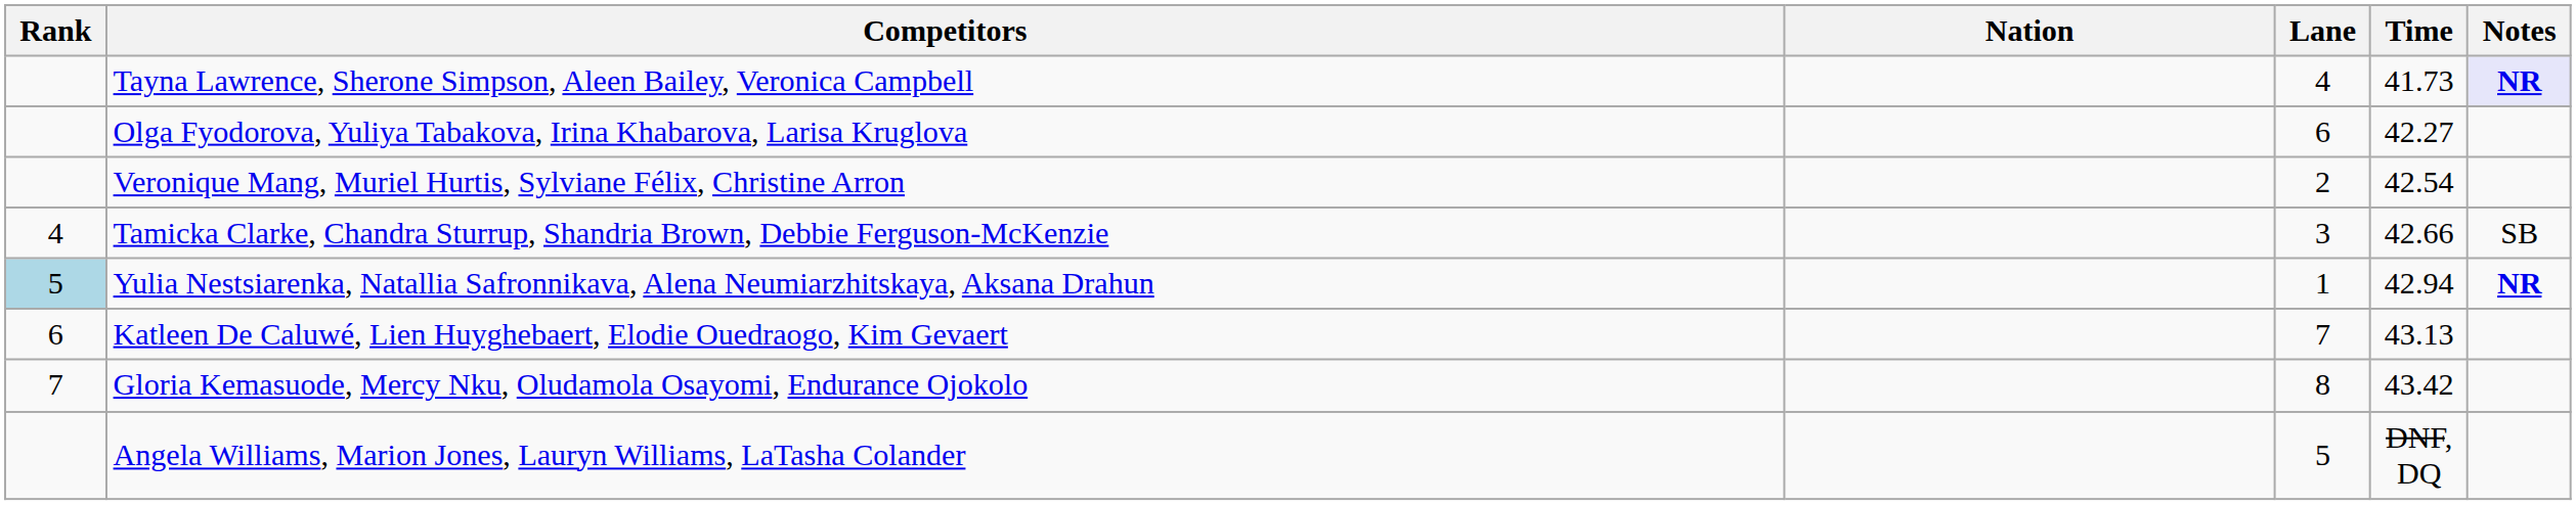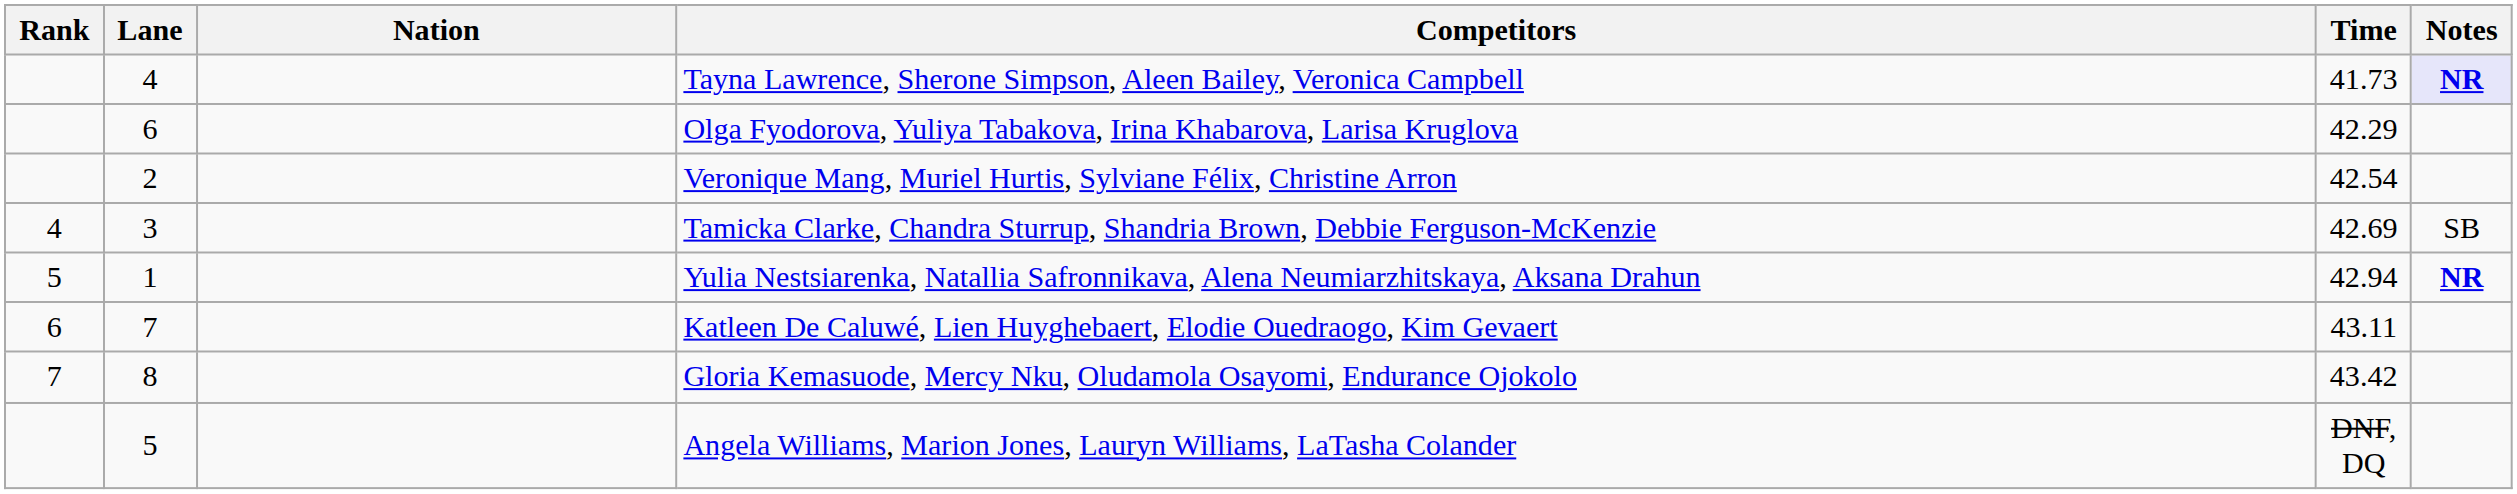 <table class="wikitable sortable"  style="width:80%; text-align:center; font-size:95%;">
 <tr>
 <th width=15>Rank</th>
+<th width=15>Lane</th>
+<th width=200>Nation</th>
 <th width=700>Competitors</th>
-<th width=200>Nation</th>
-<th width=15>Lane</th>
 <th width=15>Time</th>
 <th width=15>Notes</th>
 </tr>
 <tr>
 <td></td>
+<td>4</td>
+<td align=left></td>
 <td align=left><a href='#'>Tayna Lawrence</a>, <a href='#'>Sherone Simpson</a>, <a href='#'>Aleen Bailey</a>, <a href='#'>Veronica Campbell</a></td>
-<td align=left></td>
-<td>4</td>
 <td>41.73</td>
 <td style="background: lavender;"><strong><a href='#'>NR</a></strong></td>
 </tr>
 <tr>
 <td></td>
+<td>6</td>
+<td align=left></td>
 <td align=left><a href='#'>Olga Fyodorova</a>, <a href='#'>Yuliya Tabakova</a>, <a href='#'>Irina Khabarova</a>, <a href='#'>Larisa Kruglova</a></td>
-<td align=left></td>
-<td>6</td>
-<td>42.27</td>
+<td>42.29</td>
 <td></td>
 </tr>
 <tr>
 <td></td>
+<td>2</td>
+<td align=left></td>
 <td align=left><a href='#'>Veronique Mang</a>, <a href='#'>Muriel Hurtis</a>, <a href='#'>Sylviane Félix</a>, <a href='#'>Christine Arron</a></td>
-<td align=left></td>
-<td>2</td>
 <td>42.54</td>
 <td></td>
 </tr>
 <tr>
 <td>4</td>
+<td>3</td>
+<td align=left></td>
 <td align=left><a href='#'>Tamicka Clarke</a>, <a href='#'>Chandra Sturrup</a>, <a href='#'>Shandria Brown</a>, <a href='#'>Debbie Ferguson-McKenzie</a></td>
-<td align=left></td>
-<td>3</td>
-<td>42.66</td>
+<td>42.69</td>
 <td>SB</td>
 </tr>
 <tr>
-<td style="background: lightblue;">5</td>
+<td>5</td>
+<td>1</td>
+<td align=left></td>
 <td align=left><a href='#'>Yulia Nestsiarenka</a>, <a href='#'>Natallia Safronnikava</a>, <a href='#'>Alena Neumiarzhitskaya</a>, <a href='#'>Aksana Drahun</a></td>
-<td align=left></td>
-<td>1</td>
 <td>42.94</td>
 <td><strong><a href='#'>NR</a></strong></td>
 </tr>
 <tr>
 <td>6</td>
+<td>7</td>
+<td align=left></td>
 <td align=left><a href='#'>Katleen De Caluwé</a>, <a href='#'>Lien Huyghebaert</a>, <a href='#'>Elodie Ouedraogo</a>, <a href='#'>Kim Gevaert</a></td>
-<td align=left></td>
-<td>7</td>
-<td>43.13</td>
+<td>43.11</td>
 <td></td>
 </tr>
 <tr>
 <td>7</td>
+<td>8</td>
+<td align=left></td>
 <td align=left><a href='#'>Gloria Kemasuode</a>, <a href='#'>Mercy Nku</a>, <a href='#'>Oludamola Osayomi</a>, <a href='#'>Endurance Ojokolo</a></td>
-<td align=left></td>
-<td>8</td>
 <td>43.42</td>
 <td></td>
 </tr>
 <tr>
 <td></td>
+<td>5</td>
+<td align=left></td>
 <td align=left><a href='#'>Angela Williams</a>, <a href='#'>Marion Jones</a>, <a href='#'>Lauryn Williams</a>, <a href='#'>LaTasha Colander</a></td>
-<td align=left></td>
-<td>5</td>
 <td><s>DNF</s>, DQ</td>
 <td></td>
 </tr>
 </table>
